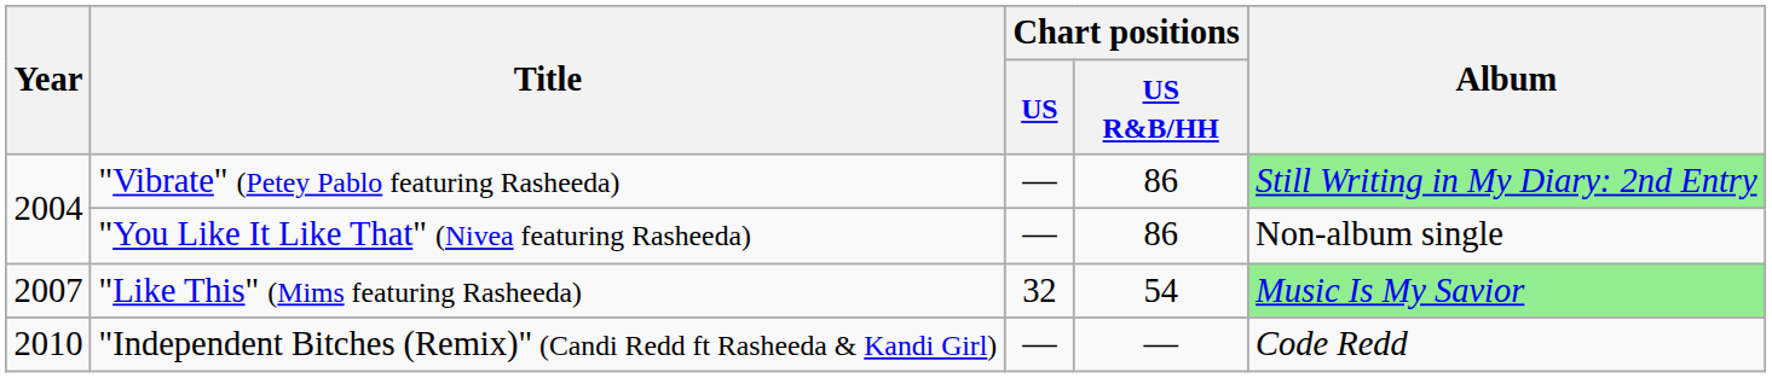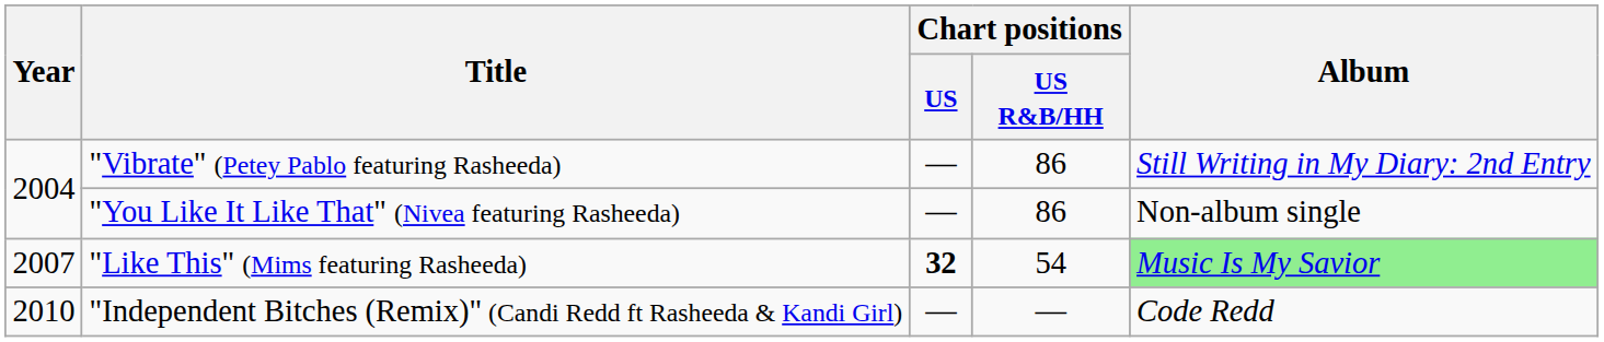 <table class="wikitable">
 <tr>
 <th scope="col" rowspan="2">Year</th>
 <th scope="col" rowspan="2">Title</th>
 <th scope="col" colspan="2">Chart positions</th>
 <th scope="col" rowspan="2">Album</th>
 </tr>
 <tr>
 <th scope="col"><small><a href='#'>US</a></small></th>
 <th scope="col"><small><a href='#'>US<br>R&B/HH</a></small><br></th>
 </tr>
 <tr>
 <td rowspan="2">2004</td>
 <td>"<a href='#'>Vibrate</a>" <small>(<a href='#'>Petey Pablo</a> featuring Rasheeda)</small></td>
 <td align="center">—</td>
 <td align="center">86</td>
-<td style="background: lightgreen;"><em><a href='#'>Still Writing in My Diary: 2nd Entry</a></em></td>
+<td><em><a href='#'>Still Writing in My Diary: 2nd Entry</a></em></td>
 </tr>
 <tr>
 <td>"<a href='#'>You Like It Like That</a>" <small>(<a href='#'>Nivea</a> featuring Rasheeda)</small></td>
 <td align="center">—</td>
 <td align="center">86</td>
 <td>Non-album single</td>
 </tr>
 <tr>
 <td>2007</td>
 <td>"<a href='#'>Like This</a>" <small>(<a href='#'>Mims</a> featuring Rasheeda)</small></td>
-<td align="center">32</td>
+<td align="center"><strong>32</strong></td>
 <td align="center">54</td>
 <td style="background: lightgreen;"><em><a href='#'>Music Is My Savior</a></em></td>
 </tr>
 <tr>
 <td>2010</td>
 <td>"Independent Bitches (Remix)"<small> (Candi Redd ft Rasheeda & <a href='#'>Kandi Girl</a>)</small></td>
 <td align="center">—</td>
 <td align="center">—</td>
 <td><em>Code Redd</em></td>
 </tr>
 </table>
